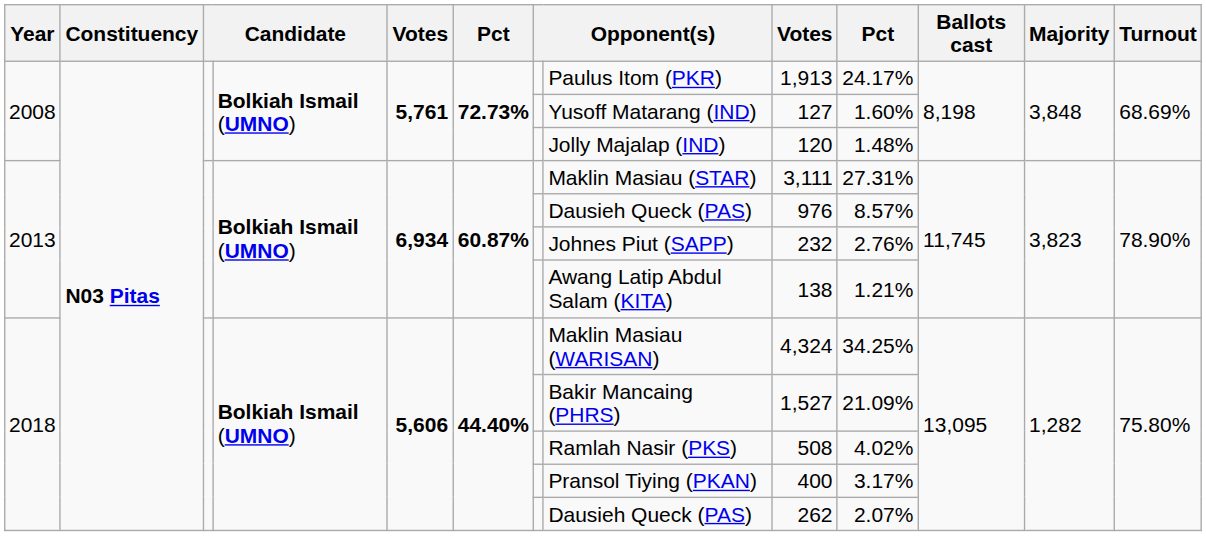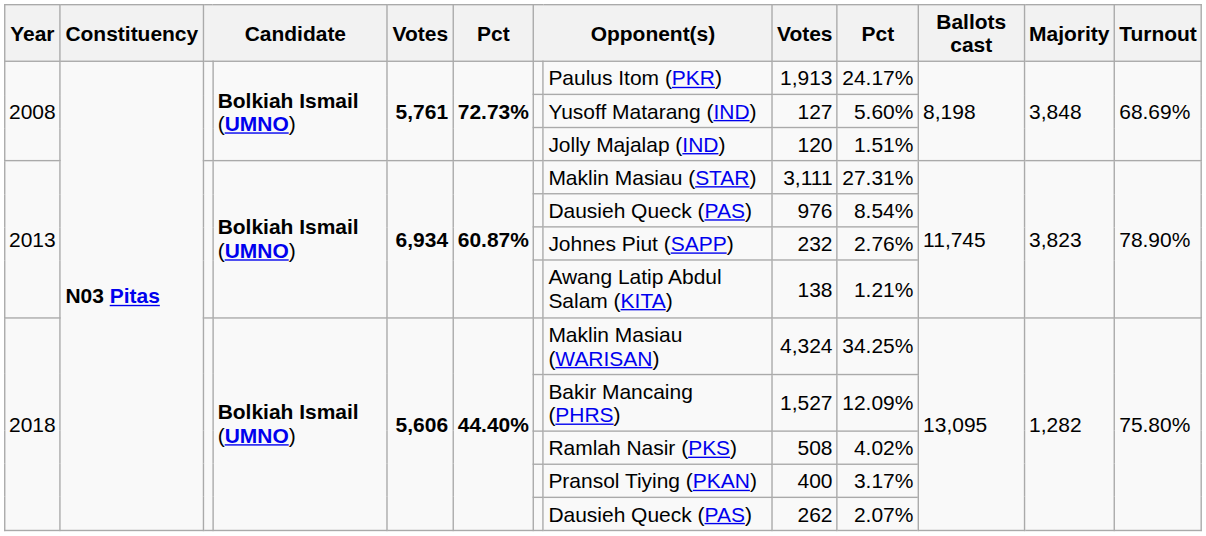 <table class="wikitable" style="margin:0.5em ; font-size:95%">
 <tr>
 <th>Year</th>
 <th>Constituency</th>
 <th colspan=2>Candidate</th>
 <th>Votes</th>
 <th>Pct</th>
 <th colspan=2>Opponent(s)</th>
 <th>Votes</th>
 <th>Pct</th>
 <th>Ballots cast</th>
 <th>Majority</th>
 <th>Turnout</th>
 </tr>
 <tr>
 <td rowspan=3>2008</td>
 <td rowspan=12><strong>N03 <a href='#'>Pitas</a></strong></td>
 <td rowspan=3 ></td>
 <td rowspan=3><strong>Bolkiah Ismail</strong> (<a href='#'><strong>UMNO</strong></a>)</td>
 <td rowspan=3 align="right"><strong>5,761</strong></td>
 <td rowspan=3><strong>72.73%</strong></td>
 <td></td>
 <td>Paulus Itom (<a href='#'>PKR</a>)</td>
 <td align="right">1,913</td>
 <td>24.17%</td>
 <td rowspan=3>8,198</td>
 <td rowspan=3>3,848</td>
 <td rowspan=3>68.69%</td>
 </tr>
 <tr>
 <td></td>
 <td>Yusoff Matarang (<a href='#'>IND</a>)</td>
 <td align="right">127</td>
-<td align="right">1.60%</td>
+<td align="right">5.60%</td>
 </tr>
 <tr>
 <td></td>
 <td>Jolly Majalap (<a href='#'>IND</a>)</td>
 <td align="right">120</td>
-<td align="right">1.48%</td>
+<td align="right">1.51%</td>
 </tr>
 <tr>
 <td rowspan=4>2013</td>
 <td rowspan=4 ></td>
 <td rowspan=4><strong>Bolkiah Ismail</strong> (<a href='#'><strong>UMNO</strong></a>)</td>
 <td rowspan=4 align="right"><strong>6,934</strong></td>
 <td rowspan=4><strong>60.87%</strong></td>
 <td></td>
 <td>Maklin Masiau (<a href='#'>STAR</a>)</td>
 <td align="right">3,111</td>
 <td>27.31%</td>
 <td rowspan=4>11,745</td>
 <td rowspan=4>3,823</td>
 <td rowspan=4>78.90%</td>
 </tr>
 <tr>
 <td></td>
 <td>Dausieh Queck (<a href='#'>PAS</a>)</td>
 <td align="right">976</td>
-<td align="right">8.57%</td>
+<td align="right">8.54%</td>
 </tr>
 <tr>
 <td></td>
 <td>Johnes Piut (<a href='#'>SAPP</a>)</td>
 <td align="right">232</td>
 <td align="right">2.76%</td>
 </tr>
 <tr>
 <td></td>
 <td>Awang Latip Abdul Salam (<a href='#'>KITA</a>)</td>
 <td align="right">138</td>
 <td align="right">1.21%</td>
 </tr>
 <tr>
 <td rowspan=5>2018</td>
 <td rowspan=5 ></td>
 <td rowspan=5><strong>Bolkiah Ismail</strong> (<a href='#'><strong>UMNO</strong></a>)</td>
 <td rowspan=5 align="right"><strong>5,606</strong></td>
 <td rowspan=5><strong>44.40%</strong></td>
 <td></td>
 <td>Maklin Masiau (<a href='#'>WARISAN</a>)</td>
 <td align="right">4,324</td>
 <td>34.25%</td>
 <td rowspan=5>13,095</td>
 <td rowspan=5>1,282</td>
 <td rowspan=5>75.80%</td>
 </tr>
 <tr>
 <td></td>
 <td>Bakir Mancaing (<a href='#'>PHRS</a>)</td>
 <td align="right">1,527</td>
-<td>21.09%</td>
+<td>12.09%</td>
 </tr>
 <tr>
 <td></td>
 <td>Ramlah Nasir (<a href='#'>PKS</a>)</td>
 <td align="right">508</td>
 <td align="right">4.02%</td>
 </tr>
 <tr>
 <td></td>
 <td>Pransol Tiying (<a href='#'>PKAN</a>)</td>
 <td align="right">400</td>
 <td align="right">3.17%</td>
 </tr>
 <tr>
 <td></td>
 <td>Dausieh Queck (<a href='#'>PAS</a>)</td>
 <td align="right">262</td>
 <td align="right">2.07%</td>
 </tr>
 </table>
